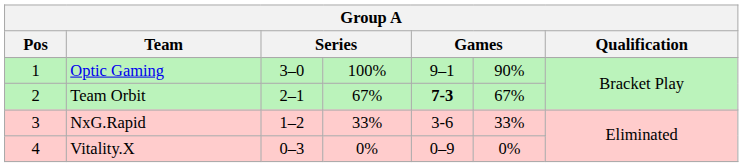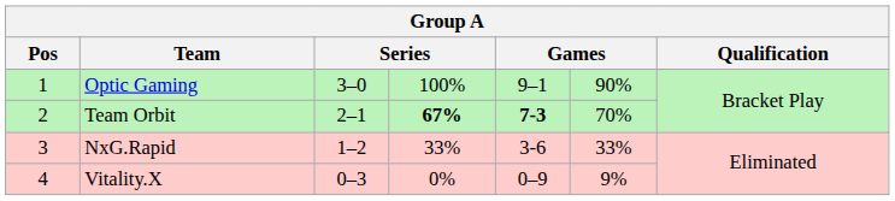 <table class="wikitable" style="display: inline-table;width: 45%;">
 <tr>
 <th colspan="7">Group A</th>
 </tr>
 <tr>
 <th>Pos</th>
 <th>Team</th>
 <th colspan="2">Series</th>
 <th colspan="2">Games</th>
 <th>Qualification</th>
 </tr>
 <tr>
 <td style="text-align:center; background:#BBF3BB;">1</td>
 <td style="text-align:left; background:#BBF3BB;"><a href='#'>Optic Gaming</a></td>
 <td style="text-align:center; background:#BBF3BB;">3–0</td>
 <td style="text-align:center; background:#BBF3BB;">100%</td>
 <td style="text-align:center; background:#BBF3BB;">9–1</td>
 <td style="text-align:center; background:#BBF3BB;">90%</td>
 <td style="text-align:center; background:#BBF3BB;" rowspan="2">Bracket Play</td>
 </tr>
 <tr>
 <td style="text-align:center; background:#BBF3BB;">2</td>
 <td style="text-align:left; background:#BBF3BB;">Team Orbit</td>
 <td style="text-align:center; background:#BBF3BB;">2–1</td>
-<td style="text-align:center; background:#BBF3BB;">67%</td>
+<td style="text-align:center; background:#BBF3BB;"><strong>67%</strong></td>
 <td style="text-align:center; background:#BBF3BB;"><strong>7-3</strong></td>
-<td style="text-align:center; background:#BBF3BB;">67%</td>
+<td style="text-align:center; background:#BBF3BB;">70%</td>
 </tr>
 <tr>
 <td style="text-align:center; background:#FFCCCC;">3</td>
 <td style="text-align:left; background:#FFCCCC;">NxG.Rapid</td>
 <td style="text-align:center; background:#FFCCCC;">1–2</td>
 <td style="text-align:center; background:#FFCCCC;">33%</td>
 <td style="text-align:center; background:#FFCCCC;">3-6</td>
 <td style="text-align:center; background:#FFCCCC;">33%</td>
 <td style="text-align:center; background:#FFCCCC;" rowspan="2">Eliminated</td>
 </tr>
 <tr>
 <td style="text-align:center; background:#FFCCCC;">4</td>
 <td style="text-align:left; background:#FFCCCC;">Vitality.X</td>
 <td style="text-align:center; background:#FFCCCC;">0–3</td>
 <td style="text-align:center; background:#FFCCCC;">0%</td>
 <td style="text-align:center; background:#FFCCCC;">0–9</td>
-<td style="text-align:center; background:#FFCCCC;">0%</td>
+<td style="text-align:center; background:#FFCCCC;">9%</td>
 </tr>
 </table>
